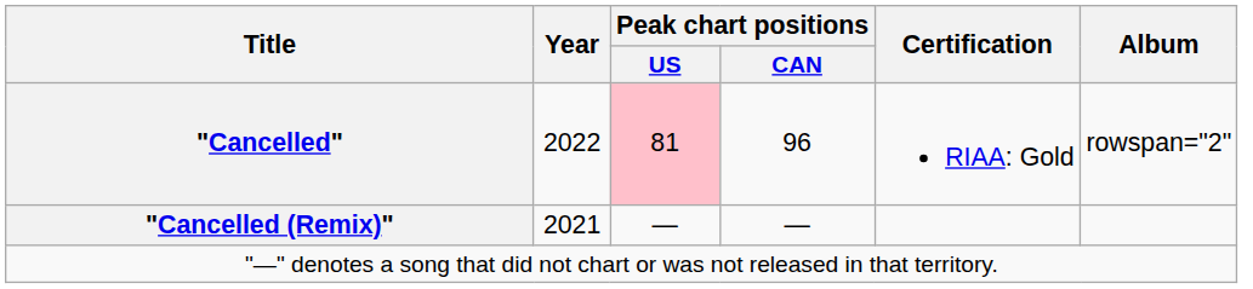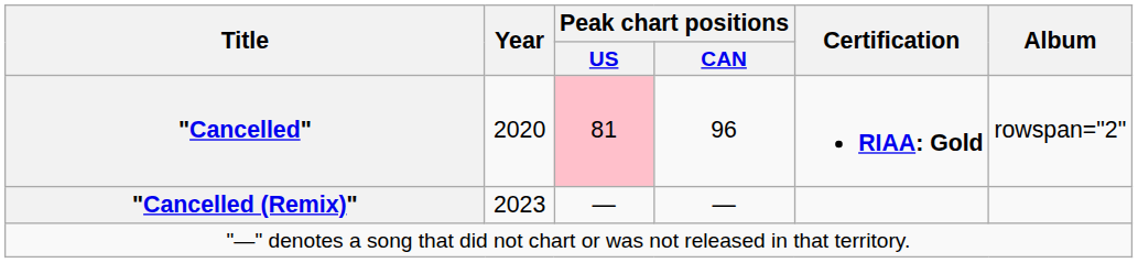 <table class="wikitable plainrowheaders" style="text-align:center;">
 <tr>
 <th rowspan="2" scope="col" style="width:20em;">Title</th>
 <th rowspan="2" scope="col" style="width:2.5em;">Year</th>
 <th colspan="2" scope="col">Peak chart positions</th>
 <th rowspan="2" scope="col">Certification</th>
 <th rowspan="2" scope="col">Album</th>
 </tr>
 <tr>
 <th scope="col" style="font-size:90%;"><a href='#'>US</a><br></th>
 <th scope="col" style="font-size:90%;"><a href='#'>CAN</a><br></th>
 </tr>
 <tr>
 <th scope="row">"<a href='#'>Cancelled</a>"</th>
-<td>2022</td>
+<td>2020</td>
 <td style="background: pink;">81</td>
 <td>96</td>
-<td><br><ul><li><a href='#'>RIAA</a>: Gold</li></ul></td>
+<td><strong><br><ul><li><a href='#'>RIAA</a>: Gold</li></ul></strong></td>
 <td>rowspan="2" </td>
 </tr>
 <tr>
 <th scope="row">"<a href='#'>Cancelled (Remix)</a>"<br></th>
-<td>2021</td>
+<td>2023</td>
 <td>—</td>
 <td>—</td>
 <td></td>
 </tr>
 <tr>
 <td colspan="6" style="font-size:90%">"—" denotes a song that did not chart or was not released in that territory.</td>
 </tr>
 </table>
